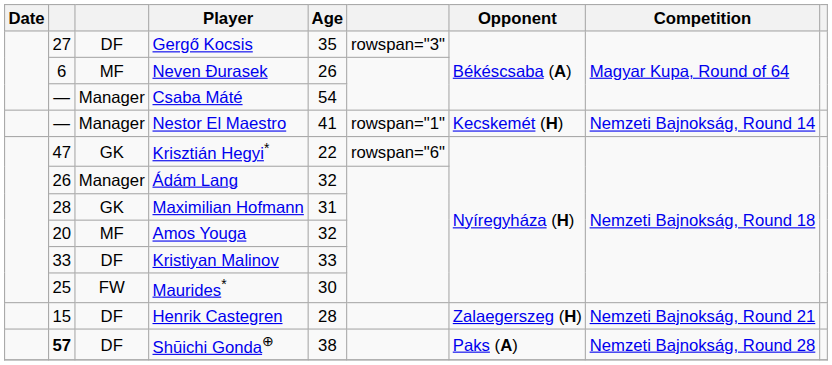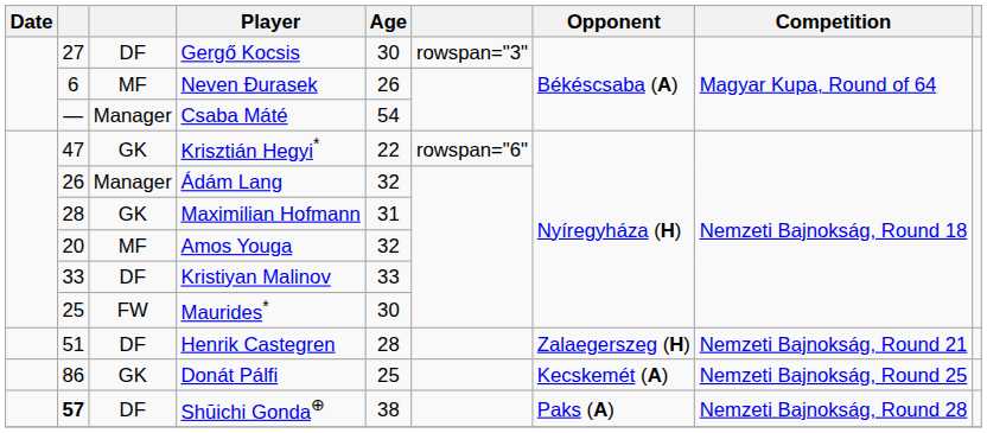 <table class="wikitable sortable" style="text-align:center; font-size:95%;">
 <tr>
 <th>Date</th>
 <th></th>
 <th></th>
 <th>Player</th>
 <th>Age</th>
 <th></th>
 <th>Opponent</th>
 <th>Competition</th>
 <th class="unsortable"></th>
 </tr>
 <tr>
 <td rowspan="3" data-sort-value="1"></td>
 <td>27</td>
 <td>DF</td>
 <td style="text-align:left;" data-sort-value="KocsisG"> <a href='#'>Gergő Kocsis</a></td>
-<td>35</td>
+<td>30</td>
 <td>rowspan="3" </td>
 <td rowspan="3" style="text-align:left;"><a href='#'>Békéscsaba</a> (<strong>A</strong>)</td>
 <td rowspan="3" style="text-align:left;"><a href='#'>Magyar Kupa, Round of 64</a></td>
 <td rowspan="3"></td>
 </tr>
 <tr>
 <td>6</td>
 <td>MF</td>
 <td style="text-align:left;" data-sort-value="Durasek"> <a href='#'>Neven Đurasek</a></td>
 <td>26</td>
 </tr>
 <tr>
 <td>—</td>
 <td>Manager</td>
 <td style="text-align:left;" data-sort-value="Mate"> <a href='#'>Csaba Máté</a></td>
 <td>54</td>
-</tr>
-<tr>
-<td rowspan="1" data-sort-value="2"></td>
-<td>—</td>
-<td>Manager</td>
-<td style="text-align:left;" data-sort-value="ElMaestro"> <a href='#'>Nestor El Maestro</a></td>
-<td>41</td>
-<td>rowspan="1" </td>
-<td rowspan="1" style="text-align:left;"><a href='#'>Kecskemét</a> (<strong>H</strong>)</td>
-<td rowspan="1" style="text-align:left;"><a href='#'>Nemzeti Bajnokság, Round 14</a></td>
-<td rowspan="1"></td>
 </tr>
 <tr>
 <td rowspan="6" data-sort-value="3"></td>
 <td>47</td>
 <td>GK</td>
 <td style="text-align:left;" data-sort-value="Hegyi"> <a href='#'>Krisztián Hegyi</a><sup>*</sup></td>
 <td>22</td>
 <td>rowspan="6" </td>
 <td rowspan="6" style="text-align:left;"><a href='#'>Nyíregyháza</a> (<strong>H</strong>)</td>
 <td rowspan="6" style="text-align:left;"><a href='#'>Nemzeti Bajnokság, Round 18</a></td>
 <td rowspan="6"></td>
 </tr>
 <tr>
 <td>26</td>
 <td>Manager</td>
 <td style="text-align:left;" data-sort-value="Lang"> <a href='#'>Ádám Lang</a></td>
 <td>32</td>
 </tr>
 <tr>
 <td>28</td>
 <td>GK</td>
 <td style="text-align:left;" data-sort-value="Hofmann"> <a href='#'>Maximilian Hofmann</a></td>
 <td>31</td>
 </tr>
 <tr>
 <td>20</td>
 <td>MF</td>
 <td style="text-align:left;" data-sort-value="Youga"> <a href='#'>Amos Youga</a></td>
 <td>32</td>
 </tr>
 <tr>
 <td>33</td>
 <td>DF</td>
 <td style="text-align:left;" data-sort-value="Malinov"> <a href='#'>Kristiyan Malinov</a></td>
 <td>33</td>
 </tr>
 <tr>
 <td>25</td>
 <td>FW</td>
 <td style="text-align:left;" data-sort-value="Maurides"> <a href='#'>Maurides</a><sup>*</sup></td>
 <td>30</td>
 </tr>
 <tr>
 <td data-sort-value="4"></td>
-<td>15</td>
+<td>51</td>
 <td>DF</td>
 <td style="text-align:left;" data-sort-value="Castegren"> <a href='#'>Henrik Castegren</a></td>
 <td>28</td>
 <td></td>
 <td style="text-align:left;"><a href='#'>Zalaegerszeg</a> (<strong>H</strong>)</td>
 <td style="text-align:left;"><a href='#'>Nemzeti Bajnokság, Round 21</a></td>
+<td></td>
+</tr>
+<tr>
+<td data-sort-value="5"></td>
+<td>86</td>
+<td>GK</td>
+<td style="text-align:left;" data-sort-value="Palfi"> <a href='#'>Donát Pálfi</a></td>
+<td>25</td>
+<td></td>
+<td style="text-align:left;"><a href='#'>Kecskemét</a> (<strong>A</strong>)</td>
+<td style="text-align:left;"><a href='#'>Nemzeti Bajnokság, Round 25</a></td>
 <td></td>
 </tr>
 <tr>
 <td data-sort-value="6"></td>
 <td><strong>57</strong></td>
 <td>DF</td>
 <td style="text-align:left;" data-sort-value="Gonda"> <a href='#'>Shūichi Gonda</a><sup>⊕</sup></td>
 <td>38</td>
 <td></td>
 <td style="text-align:left;"><a href='#'>Paks</a> (<strong>A</strong>)</td>
 <td style="text-align:left;"><a href='#'>Nemzeti Bajnokság, Round 28</a></td>
 <td></td>
 </tr>
 <tr>
 </tr>
 </table>
